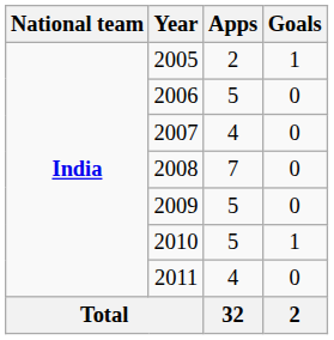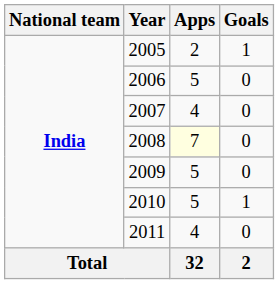 <table class="wikitable" style="font-size:90%; text-align: center;">
 <tr>
 <th>National team</th>
 <th>Year</th>
 <th>Apps</th>
 <th>Goals</th>
 </tr>
 <tr>
 <td rowspan=7><strong><a href='#'>India</a></strong></td>
 <td>2005</td>
 <td>2</td>
 <td>1</td>
 </tr>
 <tr>
 <td>2006</td>
 <td>5</td>
 <td>0</td>
 </tr>
 <tr>
 <td>2007</td>
 <td>4</td>
 <td>0</td>
 </tr>
 <tr>
 <td>2008</td>
-<td>7</td>
+<td style="background: lightyellow;">7</td>
 <td>0</td>
 </tr>
 <tr>
 <td>2009</td>
 <td>5</td>
 <td>0</td>
 </tr>
 <tr>
 <td>2010</td>
 <td>5</td>
 <td>1</td>
 </tr>
 <tr>
 <td>2011</td>
 <td>4</td>
 <td>0</td>
 </tr>
 <tr>
 <th colspan=2>Total</th>
 <th>32</th>
 <th>2</th>
 </tr>
 </table>
